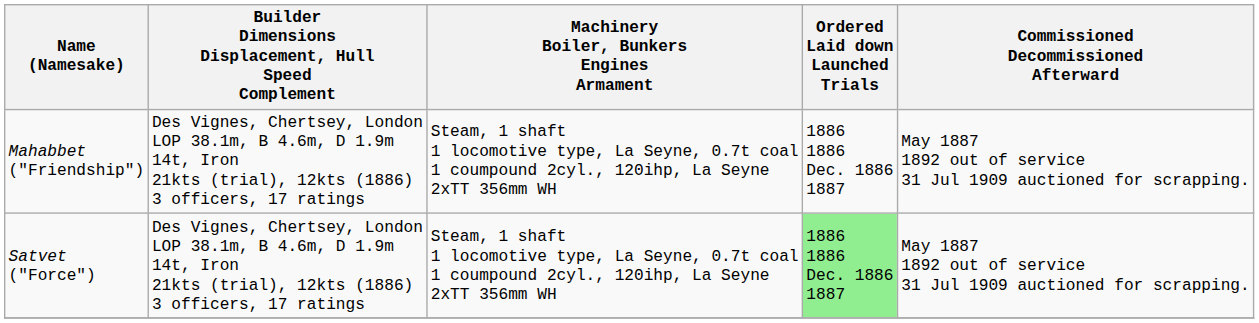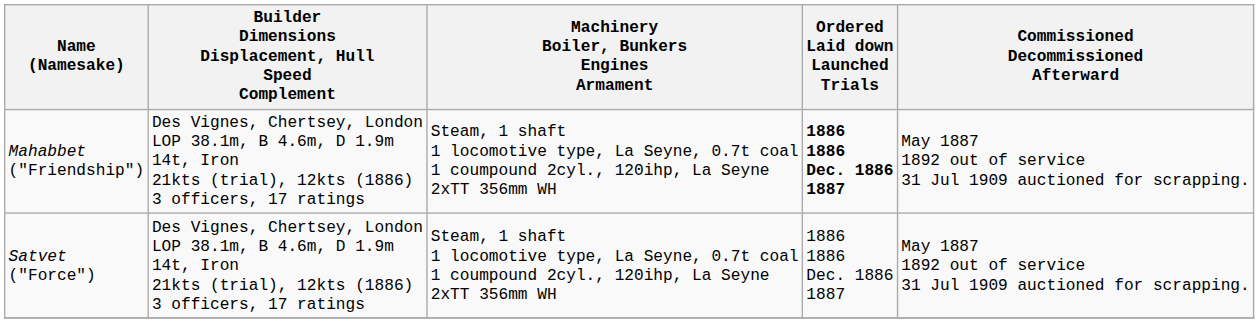 <table class="wikitable" style="font-size:90%;">
 <tr bgcolor="#e6e9ff">
 <th>Name<br>(Namesake)</th>
 <th>Builder<br>Dimensions<br>Displacement, Hull<br>Speed<br>Complement</th>
 <th>Machinery<br>Boiler, Bunkers<br>Engines<br>Armament</th>
 <th>Ordered<br>Laid down<br>Launched<br>Trials</th>
 <th>Commissioned<br>Decommissioned<br>Afterward</th>
 </tr>
 <tr ---->
 <td><em>Mahabbet</em><br>("Friendship")</td>
 <td> Des Vignes, Chertsey, London<br>LOP 38.1m, B 4.6m, D 1.9m<br>14t, Iron<br>21kts (trial), 12kts (1886)<br>3 officers, 17 ratings</td>
 <td>Steam, 1 shaft<br>1 locomotive type, La Seyne, 0.7t coal<br>1 coumpound 2cyl., 120ihp, La Seyne<br>2xTT 356mm WH</td>
-<td>1886<br>1886<br>Dec. 1886<br>1887</td>
+<td><strong>1886<br>1886<br>Dec. 1886<br>1887</strong></td>
 <td>May 1887<br>1892 out of service<br>31 Jul 1909 auctioned for scrapping.</td>
 </tr>
 <tr ---->
 <td><em>Satvet</em><br>("Force")</td>
 <td> Des Vignes, Chertsey, London<br>LOP 38.1m, B 4.6m, D 1.9m<br>14t, Iron<br>21kts (trial), 12kts (1886)<br>3 officers, 17 ratings</td>
 <td>Steam, 1 shaft<br>1 locomotive type, La Seyne, 0.7t coal<br>1 coumpound 2cyl., 120ihp, La Seyne<br>2xTT 356mm WH</td>
-<td style="background: lightgreen;">1886<br>1886<br>Dec. 1886<br>1887</td>
+<td>1886<br>1886<br>Dec. 1886<br>1887</td>
 <td>May 1887<br>1892 out of service<br>31 Jul 1909 auctioned for scrapping.</td>
 </tr>
 <tr ---->
 </tr>
 </table>
